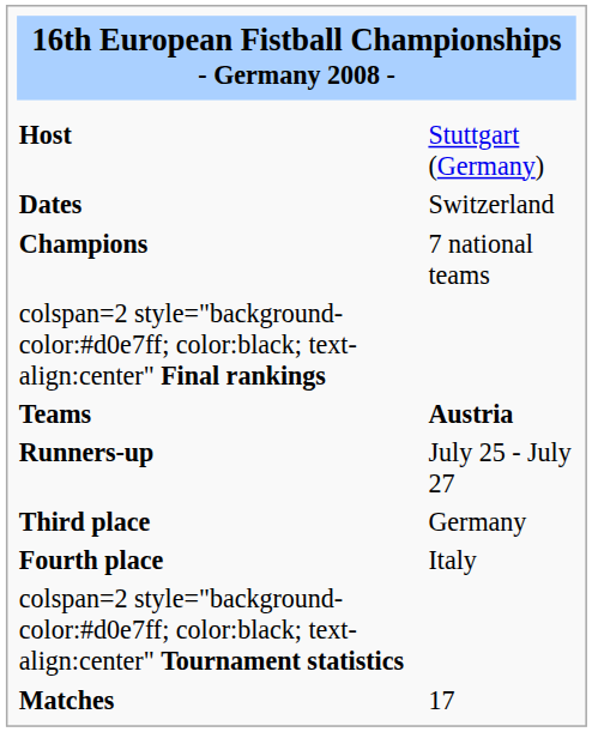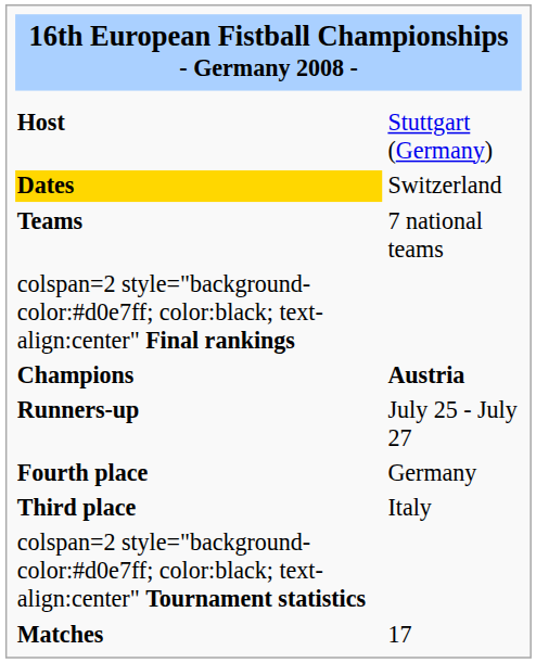 <table class="infobox" style="font-size: 90%; width: 22em;">
 <tr>
 <td colspan="2" style="background-color:#AAD0FF; color:black; text-align:center; padding:0.3em"><big><strong>16th European Fistball Championships</strong></big> <br><strong>- Germany 2008 -</strong></td>
 </tr>
 <tr>
 <td colspan="2" style="text-align: center;"></td>
 </tr>
 <tr style="vertical-align:top;">
 <th colspan=2></th>
 </tr>
 <tr style="vertical-align:top;">
 <td><strong>Host</strong></td>
 <td><a href='#'>Stuttgart</a>  (<a href='#'>Germany</a>)</td>
 </tr>
 <tr style="vertical-align:top;">
-<td><strong>Dates</strong></td>
+<td style="background: gold;"><strong>Dates</strong></td>
 <td> Switzerland</td>
 </tr>
 <tr style="vertical-align:top;">
-<td><strong>Champions</strong> </td>
+<td><strong>Teams</strong></td>
 <td>7 national teams</td>
 </tr>
 <tr>
 <td>colspan=2 style="background-color:#d0e7ff; color:black; text-align:center" <strong>Final rankings</strong></td>
 </tr>
 <tr style="vertical-align:top;">
-<td><strong>Teams</strong></td>
+<td><strong>Champions</strong> </td>
 <td> <strong>Austria</strong></td>
 </tr>
 <tr>
 <td><strong>Runners-up</strong> </td>
 <td>July 25 - July 27</td>
 </tr>
 <tr>
-<td><strong>Third place</strong> </td>
+<td><strong>Fourth place</strong></td>
 <td> Germany</td>
 </tr>
 <tr>
-<td><strong>Fourth place</strong></td>
+<td><strong>Third place</strong> </td>
 <td> Italy</td>
 </tr>
 <tr>
 <td>colspan=2 style="background-color:#d0e7ff; color:black; text-align:center" <strong>Tournament statistics</strong></td>
 </tr>
 <tr>
 <td><strong>Matches</strong></td>
 <td>17</td>
 </tr>
 </table>
